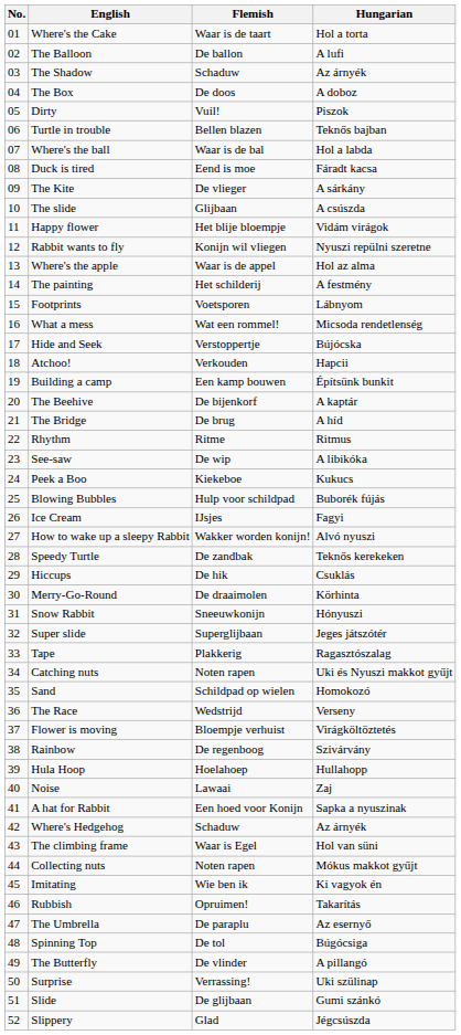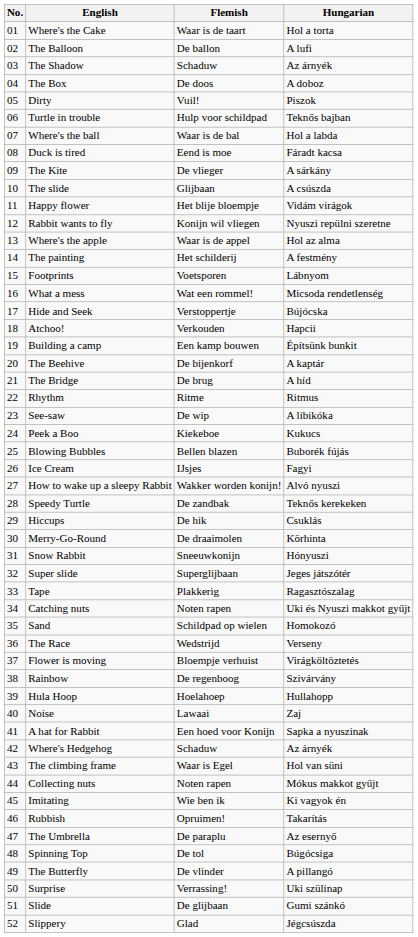 <table class="wikitable">
 <tr>
 <th>No.</th>
 <th>English</th>
 <th>Flemish</th>
 <th>Hungarian</th>
 </tr>
 <tr>
 <td>01</td>
 <td>Where's the Cake</td>
 <td>Waar is de taart</td>
 <td>Hol a torta</td>
 </tr>
 <tr>
 <td>02</td>
 <td>The Balloon</td>
 <td>De ballon</td>
 <td>A lufi</td>
 </tr>
 <tr>
 <td>03</td>
 <td>The Shadow</td>
 <td>Schaduw</td>
 <td>Az árnyék</td>
 </tr>
 <tr>
 <td>04</td>
 <td>The Box</td>
 <td>De doos</td>
 <td>A doboz</td>
 </tr>
 <tr>
 <td>05</td>
 <td>Dirty</td>
 <td>Vuil!</td>
 <td>Piszok</td>
 </tr>
 <tr>
 <td>06</td>
 <td>Turtle in trouble</td>
-<td>Bellen blazen</td>
+<td>Hulp voor schildpad</td>
 <td>Teknős bajban</td>
 </tr>
 <tr>
 <td>07</td>
 <td>Where's the ball</td>
 <td>Waar is de bal</td>
 <td>Hol a labda</td>
 </tr>
 <tr>
 <td>08</td>
 <td>Duck is tired</td>
 <td>Eend is moe</td>
 <td>Fáradt kacsa</td>
 </tr>
 <tr>
 <td>09</td>
 <td>The Kite</td>
 <td>De vlieger</td>
 <td>A sárkány</td>
 </tr>
 <tr>
 <td>10</td>
 <td>The slide</td>
 <td>Glijbaan</td>
 <td>A csúszda</td>
 </tr>
 <tr>
 <td>11</td>
 <td>Happy flower</td>
 <td>Het blije bloempje</td>
 <td>Vidám virágok</td>
 </tr>
 <tr>
 <td>12</td>
 <td>Rabbit wants to fly</td>
 <td>Konijn wil vliegen</td>
 <td>Nyuszi repülni szeretne</td>
 </tr>
 <tr>
 <td>13</td>
 <td>Where's the apple</td>
 <td>Waar is de appel</td>
 <td>Hol az alma</td>
 </tr>
 <tr>
 <td>14</td>
 <td>The painting</td>
 <td>Het schilderij</td>
 <td>A festmény</td>
 </tr>
 <tr>
 <td>15</td>
 <td>Footprints</td>
 <td>Voetsporen</td>
 <td>Lábnyom</td>
 </tr>
 <tr>
 <td>16</td>
 <td>What a mess</td>
 <td>Wat een rommel!</td>
 <td>Micsoda rendetlenség</td>
 </tr>
 <tr>
 <td>17</td>
 <td>Hide and Seek</td>
 <td>Verstoppertje</td>
 <td>Bújócska</td>
 </tr>
 <tr>
 <td>18</td>
 <td>Atchoo!</td>
 <td>Verkouden</td>
 <td>Hapcii</td>
 </tr>
 <tr>
 <td>19</td>
 <td>Building a camp</td>
 <td>Een kamp bouwen</td>
 <td>Építsünk bunkit</td>
 </tr>
 <tr>
 <td>20</td>
 <td>The Beehive</td>
 <td>De bijenkorf</td>
 <td>A kaptár</td>
 </tr>
 <tr>
 <td>21</td>
 <td>The Bridge</td>
 <td>De brug</td>
 <td>A híd</td>
 </tr>
 <tr>
 <td>22</td>
 <td>Rhythm</td>
 <td>Ritme</td>
 <td>Ritmus</td>
 </tr>
 <tr>
 <td>23</td>
 <td>See-saw</td>
 <td>De wip</td>
 <td>A libikóka</td>
 </tr>
 <tr>
 <td>24</td>
 <td>Peek a Boo</td>
 <td>Kiekeboe</td>
 <td>Kukucs</td>
 </tr>
 <tr>
 <td>25</td>
 <td>Blowing Bubbles</td>
-<td>Hulp voor schildpad</td>
+<td>Bellen blazen</td>
 <td>Buborék fújás</td>
 </tr>
 <tr>
 <td>26</td>
 <td>Ice Cream</td>
 <td>IJsjes</td>
 <td>Fagyi</td>
 </tr>
 <tr>
 <td>27</td>
 <td>How to wake up a sleepy Rabbit</td>
 <td>Wakker worden konijn!</td>
 <td>Alvó nyuszi</td>
 </tr>
 <tr>
 <td>28</td>
 <td>Speedy Turtle</td>
 <td>De zandbak</td>
 <td>Teknős kerekeken</td>
 </tr>
 <tr>
 <td>29</td>
 <td>Hiccups</td>
 <td>De hik</td>
 <td>Csuklás</td>
 </tr>
 <tr>
 <td>30</td>
 <td>Merry-Go-Round</td>
 <td>De draaimolen</td>
 <td>Körhinta</td>
 </tr>
 <tr>
 <td>31</td>
 <td>Snow Rabbit</td>
 <td>Sneeuwkonijn</td>
 <td>Hónyuszi</td>
 </tr>
 <tr>
 <td>32</td>
 <td>Super slide</td>
 <td>Superglijbaan</td>
 <td>Jeges játszótér</td>
 </tr>
 <tr>
 <td>33</td>
 <td>Tape</td>
 <td>Plakkerig</td>
 <td>Ragasztószalag</td>
 </tr>
 <tr>
 <td>34</td>
 <td>Catching nuts</td>
 <td>Noten rapen</td>
 <td>Uki és Nyuszi makkot gyűjt</td>
 </tr>
 <tr>
 <td>35</td>
 <td>Sand</td>
 <td>Schildpad op wielen</td>
 <td>Homokozó</td>
 </tr>
 <tr>
 <td>36</td>
 <td>The Race</td>
 <td>Wedstrijd</td>
 <td>Verseny</td>
 </tr>
 <tr>
 <td>37</td>
 <td>Flower is moving</td>
 <td>Bloempje verhuist</td>
 <td>Virágköltöztetés</td>
 </tr>
 <tr>
 <td>38</td>
 <td>Rainbow</td>
 <td>De regenboog</td>
 <td>Szivárvány</td>
 </tr>
 <tr>
 <td>39</td>
 <td>Hula Hoop</td>
 <td>Hoelahoep</td>
 <td>Hullahopp</td>
 </tr>
 <tr>
 <td>40</td>
 <td>Noise</td>
 <td>Lawaai</td>
 <td>Zaj</td>
 </tr>
 <tr>
 <td>41</td>
 <td>A hat for Rabbit</td>
 <td>Een hoed voor Konijn</td>
 <td>Sapka a nyuszinak</td>
 </tr>
 <tr>
 <td>42</td>
 <td>Where's Hedgehog</td>
 <td>Schaduw</td>
 <td>Az árnyék</td>
 </tr>
 <tr>
 <td>43</td>
 <td>The climbing frame</td>
 <td>Waar is Egel</td>
 <td>Hol van süni</td>
 </tr>
 <tr>
 <td>44</td>
 <td>Collecting nuts</td>
 <td>Noten rapen</td>
 <td>Mókus makkot gyűjt</td>
 </tr>
 <tr>
 <td>45</td>
 <td>Imitating</td>
 <td>Wie ben ik</td>
 <td>Ki vagyok én</td>
 </tr>
 <tr>
 <td>46</td>
 <td>Rubbish</td>
 <td>Opruimen!</td>
 <td>Takarítás</td>
 </tr>
 <tr>
 <td>47</td>
 <td>The Umbrella</td>
 <td>De paraplu</td>
 <td>Az esernyő</td>
 </tr>
 <tr>
 <td>48</td>
 <td>Spinning Top</td>
 <td>De tol</td>
 <td>Búgócsiga</td>
 </tr>
 <tr>
 <td>49</td>
 <td>The Butterfly</td>
 <td>De vlinder</td>
 <td>A pillangó</td>
 </tr>
 <tr>
 <td>50</td>
 <td>Surprise</td>
 <td>Verrassing!</td>
 <td>Uki szülinap</td>
 </tr>
 <tr>
 <td>51</td>
 <td>Slide</td>
 <td>De glijbaan</td>
 <td>Gumi szánkó</td>
 </tr>
 <tr>
 <td>52</td>
 <td>Slippery</td>
 <td>Glad</td>
 <td>Jégcsúszda</td>
 </tr>
 </table>
